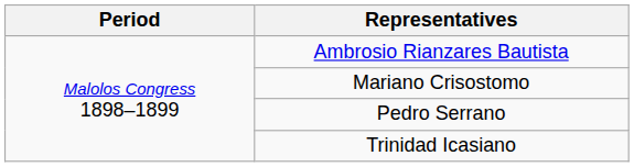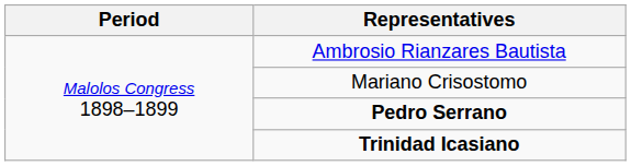 <table class="wikitable" style="text-align:center; width:40%;">
 <tr>
 <th width="40%">Period</th>
 <th>Representatives</th>
 </tr>
 <tr>
 <td rowspan="4"><small><em><a href='#'>Malolos Congress</a></em></small><br>1898–1899</td>
 <td><a href='#'>Ambrosio Rianzares Bautista</a></td>
 </tr>
 <tr>
 <td>Mariano Crisostomo</td>
 </tr>
 <tr>
-<td>Pedro Serrano</td>
+<td><strong>Pedro Serrano</strong></td>
 </tr>
 <tr>
-<td>Trinidad Icasiano</td>
+<td><strong>Trinidad Icasiano</strong></td>
 </tr>
 </table>
